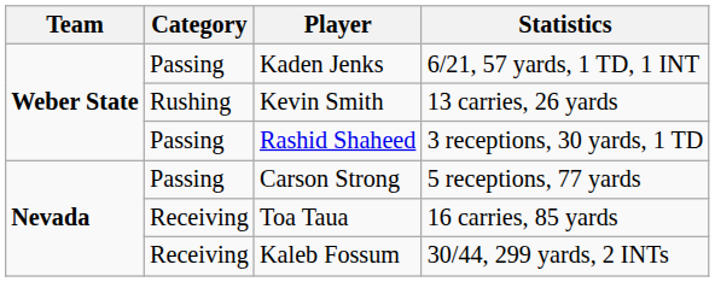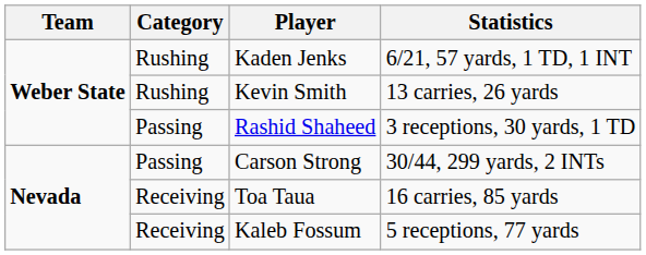 <table class="wikitable" style="float: left;">
 <tr>
 <th>Team</th>
 <th>Category</th>
 <th>Player</th>
 <th>Statistics</th>
 </tr>
 <tr>
 <td rowspan=3><strong>Weber State</strong></td>
-<td>Passing</td>
+<td>Rushing</td>
 <td>Kaden Jenks</td>
 <td>6/21, 57 yards, 1 TD, 1 INT</td>
 </tr>
 <tr>
 <td>Rushing</td>
 <td>Kevin Smith</td>
 <td>13 carries, 26 yards</td>
 </tr>
 <tr>
 <td>Passing</td>
 <td><a href='#'>Rashid Shaheed</a></td>
 <td>3 receptions, 30 yards, 1 TD</td>
 </tr>
 <tr>
 <td rowspan=3><strong>Nevada</strong></td>
 <td>Passing</td>
 <td>Carson Strong</td>
-<td>5 receptions, 77 yards</td>
+<td>30/44, 299 yards, 2 INTs</td>
 </tr>
 <tr>
 <td>Receiving</td>
 <td>Toa Taua</td>
 <td>16 carries, 85 yards</td>
 </tr>
 <tr>
 <td>Receiving</td>
 <td>Kaleb Fossum</td>
-<td>30/44, 299 yards, 2 INTs</td>
+<td>5 receptions, 77 yards</td>
 </tr>
 </table>
